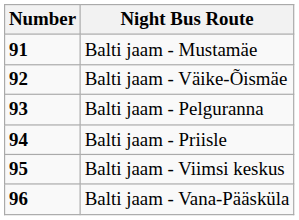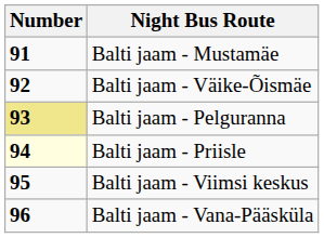 <table class="wikitable">
 <tr>
 <th>Number</th>
 <th>Night Bus Route</th>
 </tr>
 <tr>
 <td><strong>91</strong></td>
 <td>Balti jaam - Mustamäe</td>
 </tr>
 <tr>
 <td><strong>92</strong></td>
 <td>Balti jaam - Väike-Õismäe</td>
 </tr>
 <tr>
-<td><strong>93</strong></td>
+<td style="background: khaki;"><strong>93</strong></td>
 <td>Balti jaam - Pelguranna</td>
 </tr>
 <tr>
-<td><strong>94</strong></td>
+<td style="background: lightyellow;"><strong>94</strong></td>
 <td>Balti jaam - Priisle</td>
 </tr>
 <tr>
 <td><strong>95</strong></td>
 <td>Balti jaam - Viimsi keskus</td>
 </tr>
 <tr>
 <td><strong>96</strong></td>
 <td>Balti jaam - Vana-Pääsküla</td>
 </tr>
 </table>
